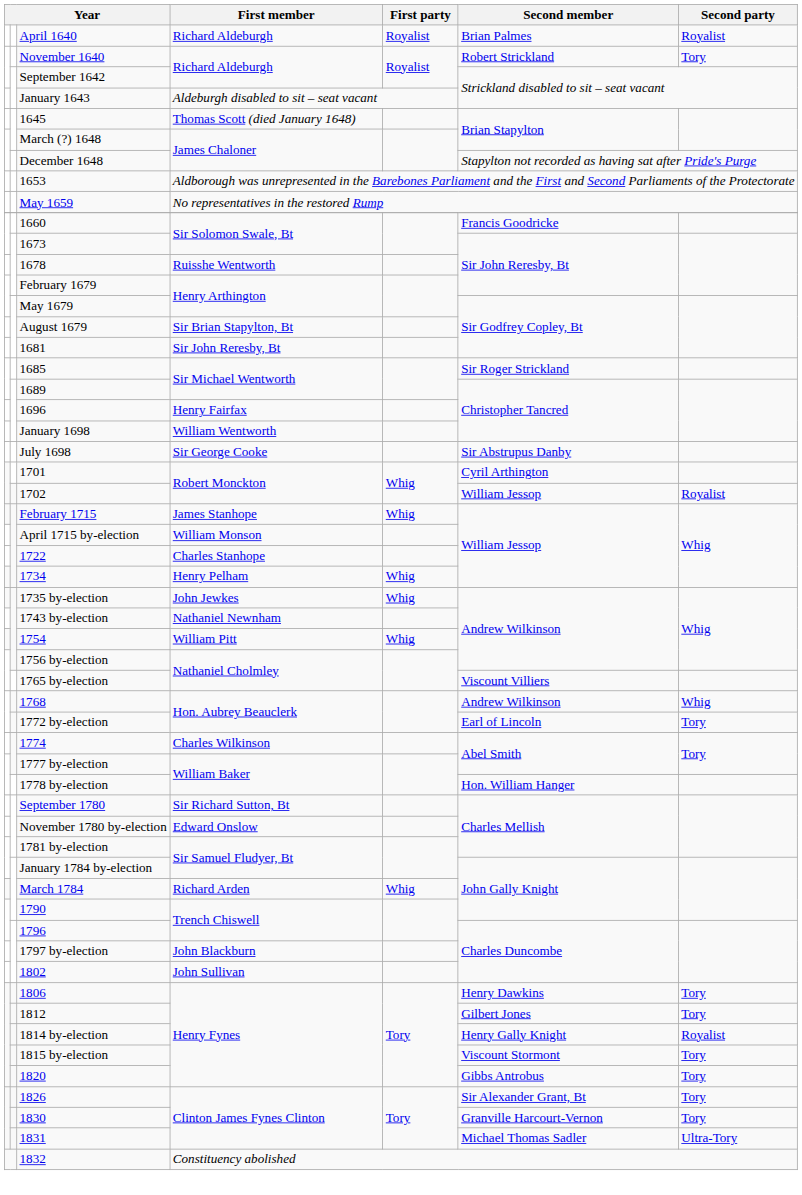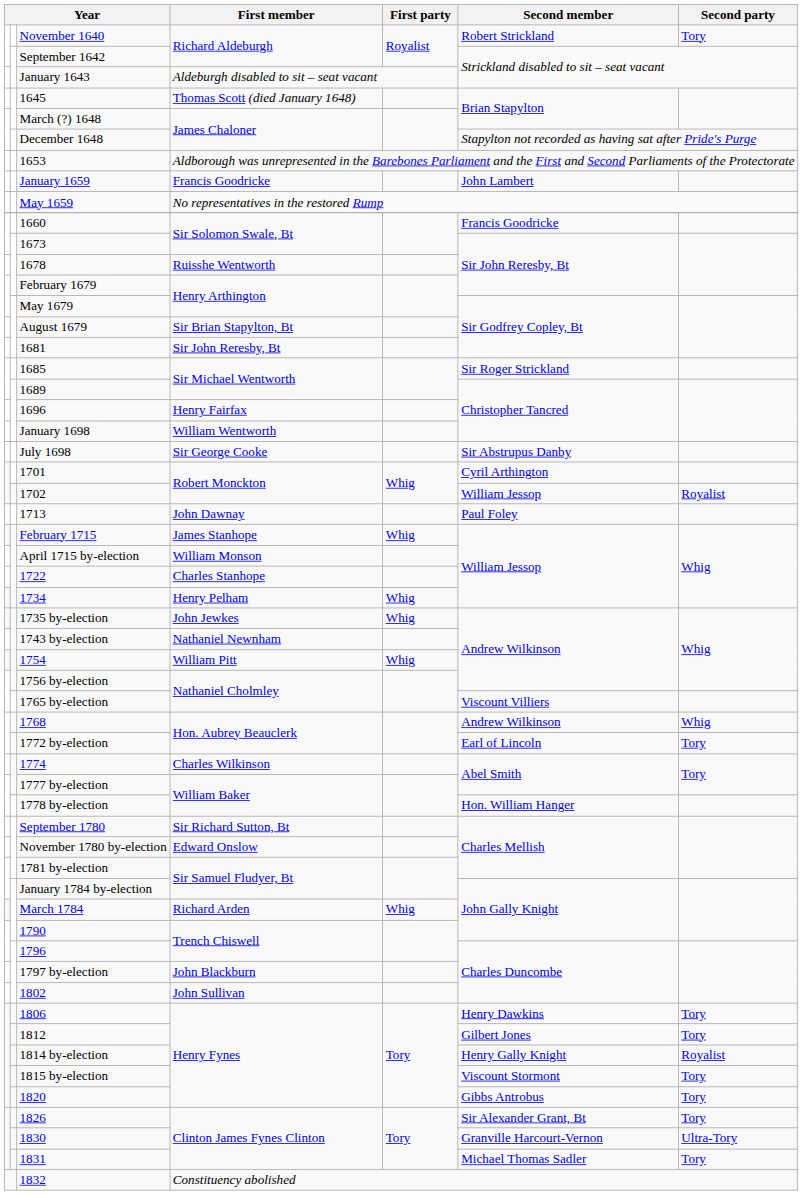 <table class="wikitable">
 <tr>
 <th colspan="3">Year</th>
 <th>First member</th>
 <th>First party</th>
 <th>Second member</th>
 <th>Second party</th>
-</tr>
-<tr>
-<td style="color:inherit;background-color: white"></td>
-<td style="color:inherit;background-color: white"></td>
-<td><a href='#'>April 1640</a></td>
-<td><a href='#'>Richard Aldeburgh</a></td>
-<td><a href='#'>Royalist</a></td>
-<td><a href='#'>Brian Palmes</a></td>
-<td><a href='#'>Royalist</a></td>
 </tr>
 <tr>
 <td rowspan="2" style="color:inherit;background-color: white"></td>
 <td style="color:inherit;background-color: white"></td>
 <td><a href='#'>November 1640</a></td>
 <td rowspan="2"><a href='#'>Richard Aldeburgh</a></td>
 <td rowspan="2"><a href='#'>Royalist</a></td>
 <td><a href='#'>Robert Strickland</a></td>
 <td><a href='#'>Tory</a></td>
 </tr>
 <tr>
 <td rowspan="2" style="color:inherit;background-color: white"></td>
 <td>September 1642</td>
 <td rowspan="2" colspan="2"><em>Strickland disabled to sit – seat vacant</em></td>
 </tr>
 <tr>
 <td style="color:inherit;background-color: white"></td>
 <td>January 1643</td>
 <td colspan="2"><em>Aldeburgh disabled to sit – seat vacant</em></td>
 </tr>
 <tr>
 <td style="color:inherit;background-color: white"></td>
 <td rowspan="2" style="color:inherit;background-color: white"></td>
 <td>1645</td>
 <td><a href='#'>Thomas Scott</a> <em>(died January 1648)</em></td>
 <td></td>
 <td rowspan="2"><a href='#'>Brian Stapylton</a></td>
 <td rowspan="2"></td>
 </tr>
 <tr>
 <td rowspan="2" style="color:inherit;background-color: white"></td>
 <td>March (?) 1648</td>
 <td rowspan="2"><a href='#'>James Chaloner</a></td>
 <td rowspan="2"></td>
 </tr>
 <tr>
 <td style="color:inherit;background-color: white"></td>
 <td>December 1648</td>
 <td colspan="2"><em>Stapylton not recorded as having sat after <a href='#'>Pride's Purge</a></em></td>
 </tr>
 <tr>
 <td style="color:inherit;background-color: white"></td>
 <td style="color:inherit;background-color: white"></td>
 <td>1653</td>
 <td colspan="4"><em>Aldborough was unrepresented in the <a href='#'>Barebones Parliament</a> and the <a href='#'>First</a> and <a href='#'>Second</a> Parliaments of the Protectorate</em></td>
+</tr>
+<tr>
+<td style="color:inherit;background-color: white"></td>
+<td style="color:inherit;background-color: white"></td>
+<td><a href='#'>January 1659</a></td>
+<td><a href='#'>Francis Goodricke</a></td>
+<td></td>
+<td><a href='#'>John Lambert</a></td>
+<td></td>
 </tr>
 <tr>
 <td style="color:inherit;background-color: white"></td>
 <td style="color:inherit;background-color: white"></td>
 <td><a href='#'>May 1659</a></td>
 <td colspan="4"><em>No representatives in the restored <a href='#'>Rump</a></em></td>
 </tr>
 <tr>
 </tr>
 <tr>
 <td rowspan="2" style="color:inherit;background-color: white"></td>
 <td style="color:inherit;background-color: white"></td>
 <td>1660</td>
 <td rowspan="2"><a href='#'>Sir Solomon Swale, Bt</a></td>
 <td rowspan="2"></td>
 <td><a href='#'>Francis Goodricke</a></td>
 <td></td>
 </tr>
 <tr>
 <td rowspan="3" style="color:inherit;background-color: white"></td>
 <td>1673</td>
 <td rowspan="3"><a href='#'>Sir John Reresby, Bt</a></td>
 <td rowspan="3"></td>
 </tr>
 <tr>
 <td style="color:inherit;background-color: white"></td>
 <td>1678</td>
 <td><a href='#'>Ruisshe Wentworth</a></td>
 <td></td>
 </tr>
 <tr>
 <td rowspan="2" style="color:inherit;background-color: white"></td>
 <td>February 1679</td>
 <td rowspan="2"><a href='#'>Henry Arthington</a></td>
 <td rowspan="2"></td>
 </tr>
 <tr>
 <td rowspan="3" style="color:inherit;background-color: white"></td>
 <td>May 1679</td>
 <td rowspan="3"><a href='#'>Sir Godfrey Copley, Bt</a></td>
 <td rowspan="3"></td>
 </tr>
 <tr>
 <td style="color:inherit;background-color: white"></td>
 <td>August 1679</td>
 <td><a href='#'>Sir Brian Stapylton, Bt</a></td>
 <td></td>
 </tr>
 <tr>
 <td style="color:inherit;background-color: white"></td>
 <td>1681</td>
 <td><a href='#'>Sir John Reresby, Bt</a></td>
 <td></td>
 </tr>
 <tr>
 <td rowspan="2" style="color:inherit;background-color: white"></td>
 <td style="color:inherit;background-color: white"></td>
 <td>1685</td>
 <td rowspan="2"><a href='#'>Sir Michael Wentworth</a></td>
 <td rowspan="2"></td>
 <td><a href='#'>Sir Roger Strickland</a></td>
 <td></td>
 </tr>
 <tr>
 <td rowspan="3" style="color:inherit;background-color: white"></td>
 <td>1689</td>
 <td rowspan="3"><a href='#'>Christopher Tancred</a></td>
 <td rowspan="3"></td>
 </tr>
 <tr>
 <td style="color:inherit;background-color: white"></td>
 <td>1696</td>
 <td><a href='#'>Henry Fairfax</a></td>
 <td></td>
 </tr>
 <tr>
 <td style="color:inherit;background-color: white"></td>
 <td>January 1698</td>
 <td><a href='#'>William Wentworth</a></td>
 <td></td>
 </tr>
 <tr>
 <td style="color:inherit;background-color: white"></td>
 <td style="color:inherit;background-color: white"></td>
 <td>July 1698</td>
 <td><a href='#'>Sir George Cooke</a></td>
 <td></td>
 <td><a href='#'>Sir Abstrupus Danby</a></td>
 <td></td>
 </tr>
 <tr>
 <td rowspan="2" style="color:inherit;background-color: "></td>
 <td style="color:inherit;background-color: white"></td>
 <td>1701</td>
 <td rowspan="2"><a href='#'>Robert Monckton</a></td>
 <td rowspan="2"><a href='#'>Whig</a></td>
 <td><a href='#'>Cyril Arthington</a></td>
 <td></td>
 </tr>
 <tr>
 <td style="color:inherit;background-color: "></td>
 <td>1702</td>
 <td><a href='#'>William Jessop</a></td>
 <td><a href='#'>Royalist</a></td>
+</tr>
+<tr>
+<td style="color:inherit;background-color: white"></td>
+<td style="color:inherit;background-color: white"></td>
+<td>1713</td>
+<td><a href='#'>John Dawnay</a></td>
+<td></td>
+<td><a href='#'>Paul Foley</a></td>
+<td></td>
 </tr>
 <tr>
 <td style="color:inherit;background-color: "></td>
 <td rowspan="4" style="color:inherit;background-color: "></td>
 <td><a href='#'>February 1715</a></td>
 <td><a href='#'>James Stanhope</a></td>
 <td><a href='#'>Whig</a></td>
 <td rowspan="4"><a href='#'>William Jessop</a></td>
 <td rowspan="4"><a href='#'>Whig</a></td>
 </tr>
 <tr>
 <td style="color:inherit;background-color: white"></td>
 <td>April 1715 by-election</td>
 <td><a href='#'>William Monson</a></td>
 <td></td>
 </tr>
 <tr>
 <td style="color:inherit;background-color: white"></td>
 <td><a href='#'>1722</a></td>
 <td><a href='#'>Charles Stanhope</a></td>
 <td></td>
 </tr>
 <tr>
 <td style="color:inherit;background-color: "></td>
 <td><a href='#'>1734</a></td>
 <td><a href='#'>Henry Pelham</a></td>
 <td><a href='#'>Whig</a></td>
 </tr>
 <tr>
 <td style="color:inherit;background-color: "></td>
 <td rowspan="4" style="color:inherit;background-color: "></td>
 <td>1735 by-election</td>
 <td><a href='#'>John Jewkes</a></td>
 <td><a href='#'>Whig</a></td>
 <td rowspan="4"><a href='#'>Andrew Wilkinson</a></td>
 <td rowspan="4"><a href='#'>Whig</a></td>
 </tr>
 <tr>
 <td style="color:inherit;background-color: white"></td>
 <td>1743 by-election</td>
 <td><a href='#'>Nathaniel Newnham</a></td>
 <td></td>
 </tr>
 <tr>
 <td style="color:inherit;background-color: "></td>
 <td><a href='#'>1754</a></td>
 <td><a href='#'>William Pitt</a></td>
 <td><a href='#'>Whig</a></td>
 </tr>
 <tr>
 <td rowspan="2" style="color:inherit;background-color: white"></td>
 <td>1756 by-election</td>
 <td rowspan="2"><a href='#'>Nathaniel Cholmley</a></td>
 <td rowspan="2"></td>
 </tr>
 <tr>
 <td style="color:inherit;background-color: white"></td>
 <td>1765 by-election</td>
 <td><a href='#'>Viscount Villiers</a></td>
 <td></td>
 </tr>
 <tr>
 <td rowspan="2" style="color:inherit;background-color: white"></td>
 <td style="color:inherit;background-color: "></td>
 <td><a href='#'>1768</a></td>
 <td rowspan="2"><a href='#'>Hon. Aubrey Beauclerk</a></td>
 <td rowspan="2"></td>
 <td><a href='#'>Andrew Wilkinson</a></td>
 <td><a href='#'>Whig</a></td>
 </tr>
 <tr>
 <td style="color:inherit;background-color: "></td>
 <td>1772 by-election</td>
 <td><a href='#'>Earl of Lincoln</a></td>
 <td><a href='#'>Tory</a></td>
 </tr>
 <tr>
 <td style="color:inherit;background-color: white"></td>
 <td rowspan="2" style="color:inherit;background-color: "></td>
 <td><a href='#'>1774</a></td>
 <td><a href='#'>Charles Wilkinson</a></td>
 <td></td>
 <td rowspan="2"><a href='#'>Abel Smith</a></td>
 <td rowspan="2"><a href='#'>Tory</a></td>
 </tr>
 <tr>
 <td rowspan="2" style="color:inherit;background-color: white"></td>
 <td>1777 by-election</td>
 <td rowspan="2"><a href='#'>William Baker</a></td>
 <td rowspan="2"></td>
 </tr>
 <tr>
 <td style="color:inherit;background-color: white"></td>
 <td>1778 by-election</td>
 <td><a href='#'>Hon. William Hanger</a></td>
 <td></td>
 </tr>
 <tr>
 <td style="color:inherit;background-color: white"></td>
 <td rowspan="3" style="color:inherit;background-color: white"></td>
 <td><a href='#'>September 1780</a></td>
 <td><a href='#'>Sir Richard Sutton, Bt</a></td>
 <td></td>
 <td rowspan="3"><a href='#'>Charles Mellish</a></td>
 <td rowspan="3"></td>
 </tr>
 <tr>
 <td style="color:inherit;background-color: white"></td>
 <td>November 1780 by-election</td>
 <td><a href='#'>Edward Onslow</a></td>
 <td></td>
 </tr>
 <tr>
 <td rowspan="2" style="color:inherit;background-color: white"></td>
 <td>1781 by-election</td>
 <td rowspan="2"><a href='#'>Sir Samuel Fludyer, Bt</a></td>
 <td rowspan="2"></td>
 </tr>
 <tr>
 <td rowspan="3" style="color:inherit;background-color: white"></td>
 <td>January 1784 by-election</td>
 <td rowspan="3"><a href='#'>John Gally Knight</a></td>
 <td rowspan="3"></td>
 </tr>
 <tr>
 <td style="color:inherit;background-color: "></td>
 <td><a href='#'>March 1784</a></td>
 <td><a href='#'>Richard Arden</a></td>
 <td><a href='#'>Whig</a></td>
 </tr>
 <tr>
 <td rowspan="2" style="color:inherit;background-color: white"></td>
 <td><a href='#'>1790</a></td>
 <td rowspan="2"><a href='#'>Trench Chiswell</a></td>
 <td rowspan="2"></td>
 </tr>
 <tr>
 <td rowspan="3" style="color:inherit;background-color: white"></td>
 <td><a href='#'>1796</a></td>
 <td rowspan="3"><a href='#'>Charles Duncombe</a></td>
 <td rowspan="3"></td>
 </tr>
 <tr>
 <td style="color:inherit;background-color: white"></td>
 <td>1797 by-election</td>
 <td><a href='#'>John Blackburn</a></td>
 <td></td>
 </tr>
 <tr>
 <td style="color:inherit;background-color: white"></td>
 <td><a href='#'>1802</a></td>
 <td><a href='#'>John Sullivan</a></td>
 <td></td>
 </tr>
 <tr>
 <td rowspan="5" style="color:inherit;background-color: "></td>
 <td style="color:inherit;background-color: "></td>
 <td><a href='#'>1806</a></td>
 <td rowspan="5"><a href='#'>Henry Fynes</a></td>
 <td rowspan="5"><a href='#'>Tory</a></td>
 <td><a href='#'>Henry Dawkins</a></td>
 <td><a href='#'>Tory</a></td>
 </tr>
 <tr>
 <td style="color:inherit;background-color: "></td>
 <td>1812</td>
 <td><a href='#'>Gilbert Jones</a></td>
 <td><a href='#'>Tory</a></td>
 </tr>
 <tr>
 <td style="color:inherit;background-color: "></td>
 <td>1814 by-election</td>
 <td><a href='#'>Henry Gally Knight</a></td>
 <td><a href='#'>Royalist</a></td>
 </tr>
 <tr>
 <td style="color:inherit;background-color: "></td>
 <td>1815 by-election</td>
 <td><a href='#'>Viscount Stormont</a></td>
 <td><a href='#'>Tory</a></td>
 </tr>
 <tr>
 <td style="color:inherit;background-color: "></td>
 <td><a href='#'>1820</a></td>
 <td><a href='#'>Gibbs Antrobus</a></td>
 <td><a href='#'>Tory</a></td>
 </tr>
 <tr>
 <td rowspan="3" style="color:inherit;background-color: "></td>
 <td style="color:inherit;background-color: "></td>
 <td><a href='#'>1826</a></td>
 <td rowspan="3"><a href='#'>Clinton James Fynes Clinton</a></td>
 <td rowspan="3"><a href='#'>Tory</a></td>
 <td><a href='#'>Sir Alexander Grant, Bt</a></td>
 <td><a href='#'>Tory</a></td>
 </tr>
 <tr>
 <td style="color:inherit;background-color: "></td>
 <td><a href='#'>1830</a></td>
 <td><a href='#'>Granville Harcourt-Vernon</a></td>
-<td><a href='#'>Tory</a></td>
+<td><a href='#'>Ultra-Tory</a></td>
 </tr>
 <tr>
 <td style="color:inherit;background-color: "></td>
 <td><a href='#'>1831</a></td>
 <td><a href='#'>Michael Thomas Sadler</a></td>
-<td><a href='#'>Ultra-Tory</a></td>
+<td><a href='#'>Tory</a></td>
 </tr>
 <tr>
 <td colspan="2"></td>
 <td><a href='#'>1832</a></td>
 <td colspan="4"><em>Constituency abolished</em></td>
 </tr>
 </table>
